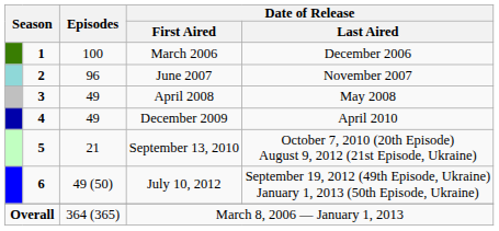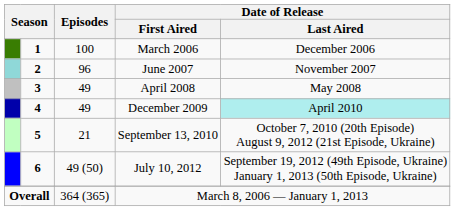 <table class="wikitable" style="text-align:center;">
 <tr>
 <th style="padding:0 8px;" colspan="2" rowspan="2">Season</th>
 <th style="padding:0 8px;" rowspan="2">Episodes</th>
 <th style="padding:0 80px;" colspan="2">Date of Release</th>
 </tr>
 <tr>
 <th>First Aired</th>
 <th>Last Aired</th>
 </tr>
 <tr>
 <td height="10" bgcolor="#397d02"></td>
 <td><strong>1</strong></td>
 <td>100</td>
 <td>March 2006</td>
 <td>December 2006</td>
 </tr>
 <tr>
 <td height="10" bgcolor="#8fd8d8"></td>
 <td><strong>2</strong></td>
 <td>96</td>
 <td>June 2007</td>
 <td>November 2007</td>
 </tr>
 <tr>
 <td height="10" bgcolor="#c0c0c0"></td>
 <td><strong>3</strong></td>
 <td>49</td>
 <td>April 2008</td>
 <td>May 2008</td>
 </tr>
 <tr>
 <td height="10" bgcolor="#0000aa"></td>
 <td><strong>4</strong></td>
 <td>49</td>
 <td>December 2009</td>
-<td>April 2010</td>
+<td style="background: paleturquoise;">April 2010</td>
 </tr>
 <tr>
 <td height="10" bgcolor="#c1ffc1"></td>
 <td><strong>5</strong></td>
 <td>21</td>
 <td>September 13, 2010</td>
 <td>October 7, 2010 (20th Episode)<br> August 9, 2012 (21st Episode, Ukraine)</td>
 </tr>
 <tr>
 <td height="10" bgcolor="#0000ff"></td>
 <td><strong>6</strong></td>
 <td>49 (50)</td>
 <td>July 10, 2012</td>
 <td>September 19, 2012 (49th Episode, Ukraine)<br>January 1, 2013 (50th Episode, Ukraine)</td>
 </tr>
 <tr>
 </tr>
 <tr>
 <td colspan="2"><strong>Overall</strong></td>
 <td>364 (365)</td>
 <td colspan="2">March 8, 2006 — January 1, 2013</td>
 </tr>
 </table>
